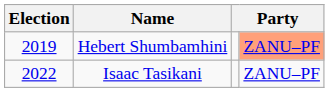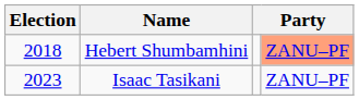 <table class="wikitable" style="text-align:center">
 <tr>
 <th>Election</th>
 <th>Name</th>
 <th colspan="2">Party</th>
 </tr>
 <tr>
-<td><a href='#'>2019</a></td>
+<td><a href='#'>2018</a></td>
 <td><a href='#'>Hebert Shumbamhini</a></td>
 <td style="background-color: "></td>
 <td style="background: lightsalmon;"><a href='#'>ZANU–PF</a></td>
 </tr>
 <tr>
-<td><a href='#'>2022</a></td>
+<td><a href='#'>2023</a></td>
 <td><a href='#'>Isaac Tasikani</a></td>
 <td style="background-color: "></td>
 <td><a href='#'>ZANU–PF</a></td>
 </tr>
 </table>
